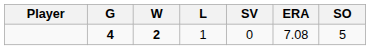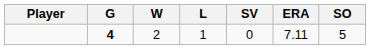 <table class="wikitable sortable">
 <tr>
 <th bgcolor="#DDDDFF" width="16%">Player</th>
 <th bgcolor="#DDDDFF" width="9%">G</th>
 <th bgcolor="#DDDDFF" width="9%">W</th>
 <th bgcolor="#DDDDFF" width="9%">L</th>
 <th bgcolor="#DDDDFF" width="9%">SV</th>
 <th bgcolor="#DDDDFF" width="9%">ERA</th>
 <th bgcolor="#DDDDFF" width="9%">SO</th>
 </tr>
 <tr align="center">
 <td></td>
 <td><strong>4</strong></td>
-<td><strong>2</strong></td>
+<td>2</td>
 <td>1</td>
 <td>0</td>
-<td>7.08</td>
+<td>7.11</td>
 <td>5</td>
 </tr>
 </table>
